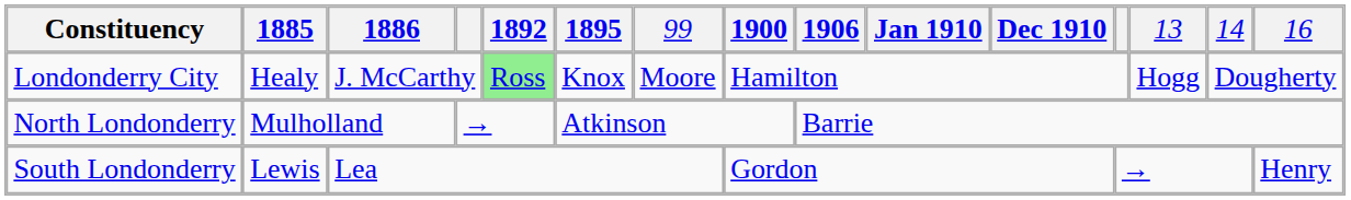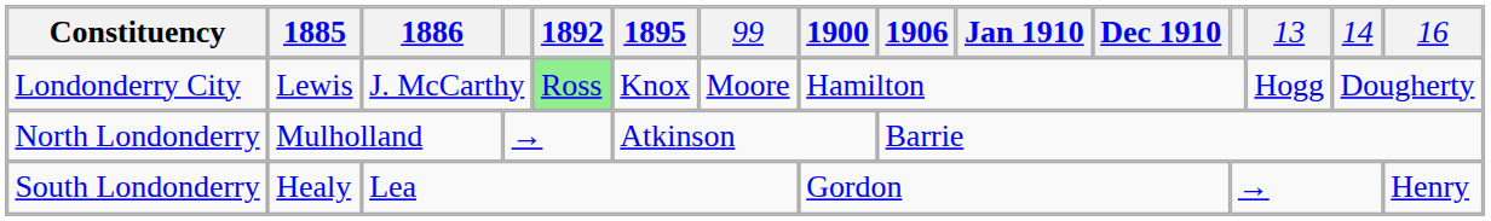 <table class="wikitable" style="border-collapse: separate; border-spacing: 0;">
 <tr>
 <th>Constituency</th>
 <th><a href='#'>1885</a></th>
 <th><a href='#'>1886</a></th>
 <th style="font-weight:normal;"><em></em></th>
 <th><a href='#'>1892</a></th>
 <th><a href='#'>1895</a></th>
 <th style="font-weight: normal;"><em><a href='#'>99</a></em></th>
 <th><a href='#'>1900</a></th>
 <th><a href='#'>1906</a></th>
 <th><a href='#'>Jan 1910</a></th>
 <th><a href='#'>Dec 1910</a></th>
 <th style="font-weight: normal;"><em></em></th>
 <th style="font-weight: normal;"><em><a href='#'>13</a></em></th>
 <th style="font-weight: normal;"><em><a href='#'>14</a></em></th>
 <th style="font-weight: normal;"><em><a href='#'>16</a></em></th>
 </tr>
 <tr>
 <td><a href='#'>Londonderry City</a></td>
-<td><a href='#'>Healy</a></td>
+<td><a href='#'>Lewis</a></td>
 <td colspan="2"><a href='#'>J. McCarthy</a></td>
 <td style="background: lightgreen;"><a href='#'>Ross</a></td>
 <td><a href='#'>Knox</a></td>
 <td><a href='#'>Moore</a></td>
 <td colspan="5"><a href='#'>Hamilton</a></td>
 <td><a href='#'>Hogg</a></td>
 <td colspan="2"><a href='#'>Dougherty</a></td>
 </tr>
 <tr>
 <td><a href='#'>North Londonderry</a></td>
 <td colspan="2"><a href='#'>Mulholland</a></td>
 <td colspan="2"><a href='#'>→</a></td>
 <td colspan="3"><a href='#'>Atkinson</a></td>
 <td colspan="7"><a href='#'>Barrie</a></td>
 </tr>
 <tr>
 <td><a href='#'>South Londonderry</a></td>
-<td><a href='#'>Lewis</a></td>
+<td><a href='#'>Healy</a></td>
 <td colspan="5"><a href='#'>Lea</a></td>
 <td colspan="4"><a href='#'>Gordon</a></td>
 <td colspan="3"><a href='#'>→</a></td>
 <td><a href='#'>Henry</a></td>
 </tr>
 </table>
